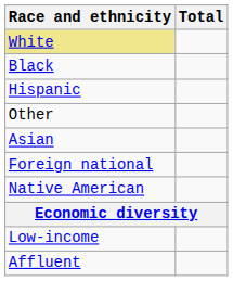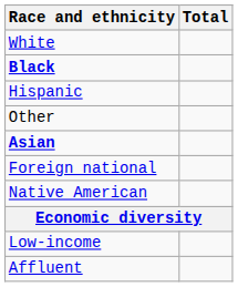 <table class="wikitable floatright sortable collapsible"; text-align:right; font-size:80%;">
 <tr>
 <th>Race and ethnicity</th>
 <th colspan="2" data-sort-type=number>Total</th>
 </tr>
 <tr>
-<td style="background: khaki;"><a href='#'>White</a></td>
+<td><a href='#'>White</a></td>
 <td align=right></td>
 </tr>
 <tr>
-<td><a href='#'>Black</a></td>
+<td><strong><a href='#'>Black</a></strong></td>
 <td align=right></td>
 </tr>
 <tr>
 <td><a href='#'>Hispanic</a></td>
 <td align=right></td>
 </tr>
 <tr>
 <td>Other</td>
 <td align=right></td>
 </tr>
 <tr>
-<td><a href='#'>Asian</a></td>
+<td><strong><a href='#'>Asian</a></strong></td>
 <td align=right></td>
 </tr>
 <tr>
 <td><a href='#'>Foreign national</a></td>
 <td align=right></td>
 </tr>
 <tr>
 <td><a href='#'>Native American</a></td>
 <td align=right></td>
 </tr>
 <tr>
 <th colspan="4" data-sort-type=number><a href='#'>Economic diversity</a></th>
 </tr>
 <tr>
 <td><a href='#'>Low-income</a></td>
 <td align=right></td>
 </tr>
 <tr>
 <td><a href='#'>Affluent</a></td>
 <td align=right></td>
 </tr>
 </table>
